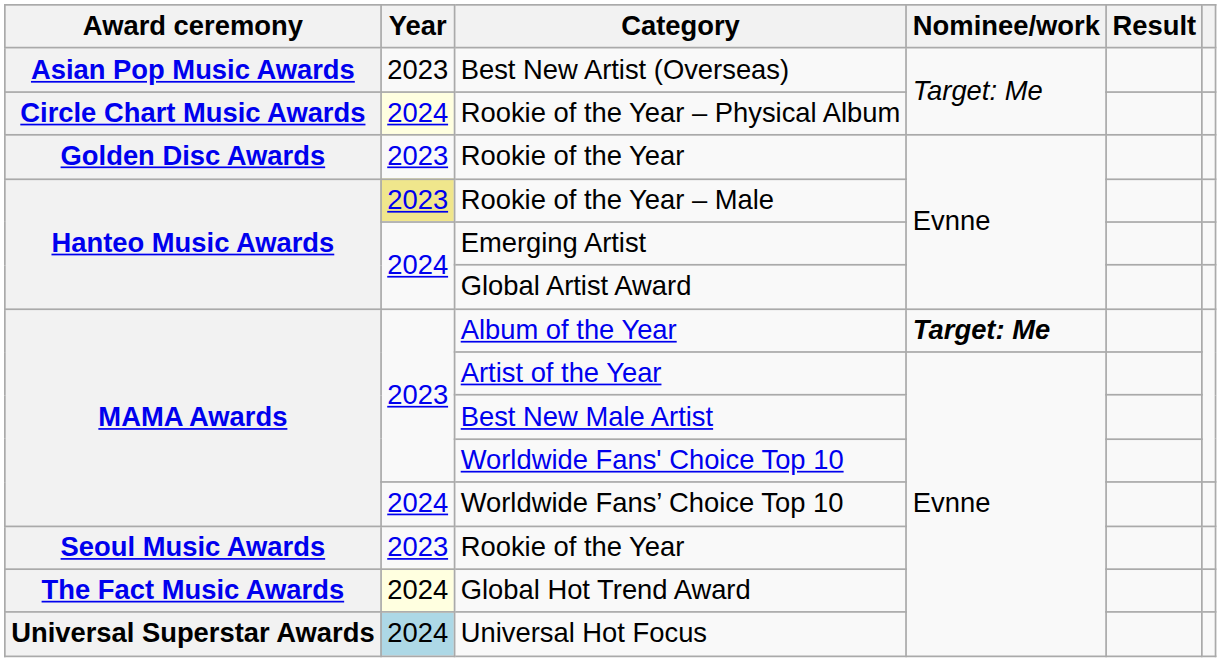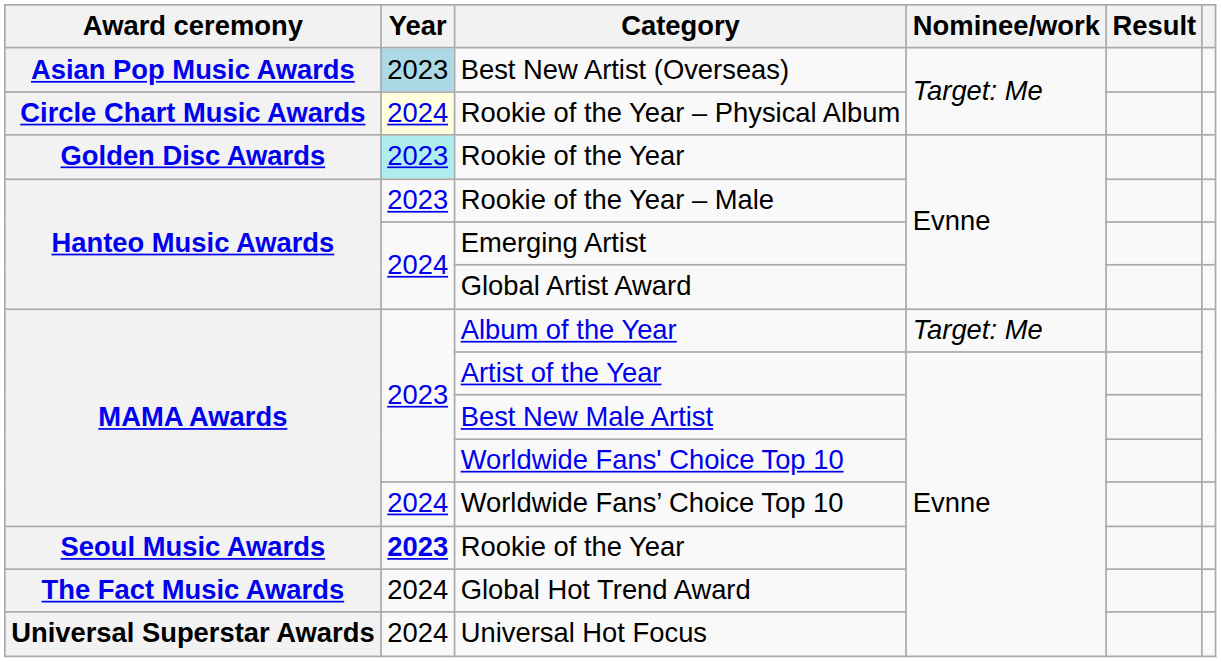 <table class="wikitable plainrowheaders sortable">
 <tr>
 <th scope="col">Award ceremony </th>
 <th scope="col">Year</th>
 <th scope="col">Category </th>
 <th scope="col">Nominee/work</th>
 <th scope="col">Result</th>
 <th scope="col" class="unsortable"></th>
 </tr>
 <tr>
 <th scope="row"><a href='#'>Asian Pop Music Awards</a></th>
-<td style="text-align:center">2023</td>
+<td style="background: lightblue; text-align:center">2023</td>
 <td>Best New Artist (Overseas)</td>
 <td rowspan="2"><em>Target: Me</em></td>
 <td></td>
 <td style="text-align:center"></td>
 </tr>
 <tr>
 <th scope="row"><a href='#'>Circle Chart Music Awards</a></th>
 <td style="background: lightyellow; text-align:center"><a href='#'>2024</a></td>
 <td>Rookie of the Year – Physical Album</td>
 <td></td>
 <td style="text-align:center"></td>
 </tr>
 <tr>
 <th scope="row"><a href='#'>Golden Disc Awards</a></th>
-<td style="text-align:center"><a href='#'>2023</a></td>
+<td style="background: paleturquoise; text-align:center"><a href='#'>2023</a></td>
 <td>Rookie of the Year</td>
 <td rowspan="4">Evnne</td>
 <td></td>
 <td style="text-align:center"></td>
 </tr>
 <tr>
 <th scope="row" rowspan="3"><a href='#'>Hanteo Music Awards</a></th>
-<td style="background: khaki; text-align:center"><a href='#'>2023</a></td>
+<td style="text-align:center"><a href='#'>2023</a></td>
 <td>Rookie of the Year – Male</td>
 <td></td>
 <td style="text-align:center"></td>
 </tr>
 <tr>
 <td rowspan="2" style="text-align:center"><a href='#'>2024</a></td>
 <td>Emerging Artist</td>
 <td></td>
 <td style="text-align:center"></td>
 </tr>
 <tr>
 <td>Global Artist Award</td>
 <td></td>
 <td style="text-align:center"></td>
 </tr>
 <tr>
 <th scope="row" rowspan="5"><a href='#'>MAMA Awards</a></th>
 <td rowspan="4" style="text-align:center"><a href='#'>2023</a></td>
 <td><a href='#'>Album of the Year</a></td>
-<td><strong><em>Target: Me</em></strong></td>
+<td><em>Target: Me</em></td>
 <td></td>
 <td rowspan="4" style="text-align:center"></td>
 </tr>
 <tr>
 <td><a href='#'>Artist of the Year</a></td>
 <td rowspan="7">Evnne</td>
 <td></td>
 </tr>
 <tr>
 <td><a href='#'>Best New Male Artist</a></td>
 <td></td>
 </tr>
 <tr>
 <td><a href='#'>Worldwide Fans' Choice Top 10</a></td>
 <td></td>
 </tr>
 <tr>
 <td style="text-align:center"><a href='#'>2024</a></td>
 <td>Worldwide Fans’ Choice Top 10</td>
 <td></td>
 <td style="text-align:center"></td>
 </tr>
 <tr>
 <th scope="row"><a href='#'>Seoul Music Awards</a></th>
-<td style="text-align:center"><a href='#'>2023</a></td>
+<td style="text-align:center"><strong><a href='#'>2023</a></strong></td>
 <td>Rookie of the Year</td>
 <td></td>
 <td style="text-align:center"></td>
 </tr>
 <tr>
 <th scope="row"><a href='#'>The Fact Music Awards</a></th>
-<td style="background: lightyellow; text-align:center">2024</td>
+<td style="text-align:center">2024</td>
 <td>Global Hot Trend Award</td>
 <td></td>
 <td style="text-align:center"></td>
 </tr>
 <tr>
 <th scope="row">Universal Superstar Awards</th>
-<td style="background: lightblue; text-align:center">2024</td>
+<td style="text-align:center">2024</td>
 <td>Universal Hot Focus</td>
 <td></td>
 <td style="text-align:center"></td>
 </tr>
 </table>
